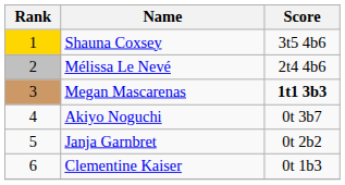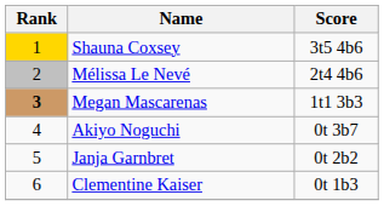 <table class="wikitable">
 <tr>
 <th width = "50">Rank</th>
 <th width = "200">Name</th>
 <th width = "70">Score</th>
 </tr>
 <tr>
 <td align="center" style="background: gold">1</td>
 <td> <a href='#'>Shauna Coxsey</a></td>
 <td align="center">3t5 4b6</td>
 </tr>
 <tr>
 <td align="center" style="background: silver">2</td>
 <td> <a href='#'>Mélissa Le Nevé</a></td>
 <td align="center">2t4 4b6</td>
 </tr>
 <tr>
-<td align="center" style="background: #cc9966">3</td>
+<td align="center" style="background: #cc9966"><strong>3</strong></td>
 <td> <a href='#'>Megan Mascarenas</a></td>
-<td align="center"><strong>1t1 3b3</strong></td>
+<td align="center">1t1 3b3</td>
 </tr>
 <tr>
 <td align="center">4</td>
 <td> <a href='#'>Akiyo Noguchi</a></td>
 <td align="center">0t 3b7</td>
 </tr>
 <tr>
 <td align="center">5</td>
 <td> <a href='#'>Janja Garnbret</a></td>
 <td align="center">0t 2b2</td>
 </tr>
 <tr>
 <td align="center">6</td>
 <td> <a href='#'>Clementine Kaiser</a></td>
 <td align="center">0t 1b3</td>
 </tr>
 <tr>
 </tr>
 </table>
